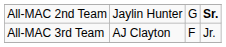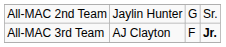 <table class="wikitable" border="1">
 <tr align=center>
 </tr>
 <tr>
 <td>All-MAC 2nd Team</td>
 <td>Jaylin Hunter</td>
 <td>G</td>
-<td><strong>Sr.</strong></td>
+<td>Sr.</td>
 </tr>
 <tr>
 <td>All-MAC 3rd Team</td>
 <td>AJ Clayton</td>
 <td>F</td>
-<td>Jr.</td>
+<td><strong>Jr.</strong></td>
 </tr>
 <tr>
 </tr>
 </table>
